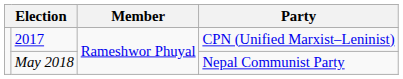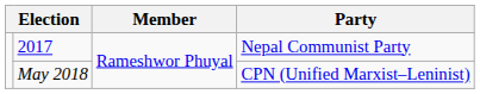 <table class="wikitable">
 <tr>
 <th colspan="2">Election</th>
 <th>Member</th>
 <th>Party</th>
 </tr>
 <tr>
 <td rowspan="2" style="background-color:"></td>
 <td><a href='#'>2017</a></td>
 <td rowspan="2"><a href='#'>Rameshwor Phuyal</a></td>
-<td><a href='#'>CPN (Unified Marxist–Leninist)</a></td>
+<td><a href='#'>Nepal Communist Party</a></td>
 </tr>
 <tr>
 <td><em>May 2018</em></td>
-<td><a href='#'>Nepal Communist Party</a></td>
+<td><a href='#'>CPN (Unified Marxist–Leninist)</a></td>
 </tr>
 </table>
